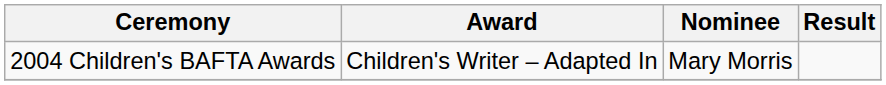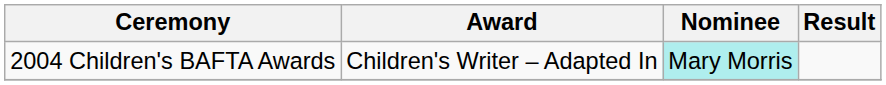 <table class="wikitable">
 <tr>
 <th>Ceremony</th>
 <th>Award</th>
 <th>Nominee</th>
 <th>Result</th>
 </tr>
 <tr>
 <td>2004 Children's BAFTA Awards</td>
 <td>Children's Writer – Adapted In</td>
-<td>Mary Morris</td>
+<td style="background: paleturquoise;">Mary Morris</td>
 <td></td>
 </tr>
 <tr>
 </tr>
 </table>
